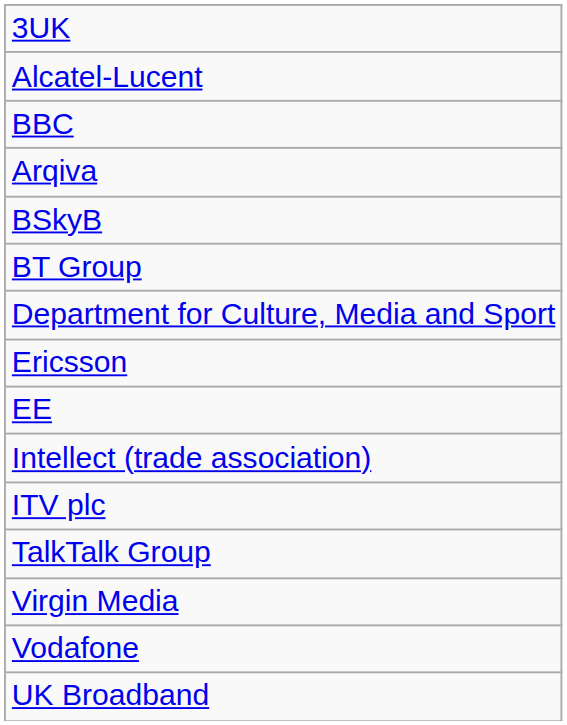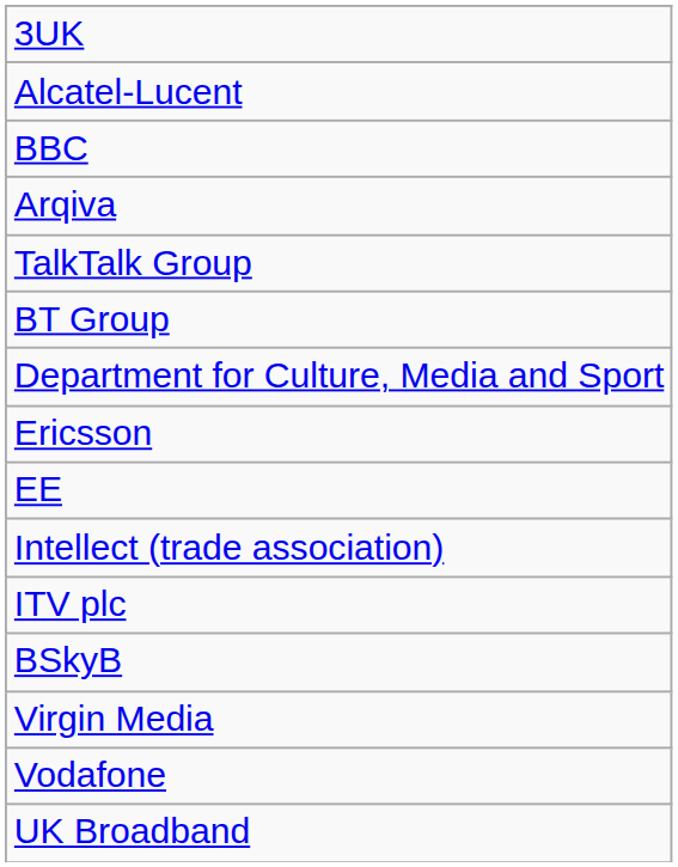 <table class="wikitable" border="1">
 <tr>
 <td><a href='#'>3UK</a></td>
 </tr>
 <tr>
 <td><a href='#'>Alcatel-Lucent</a></td>
 </tr>
 <tr>
 <td><a href='#'>BBC</a></td>
 </tr>
 <tr>
 <td><a href='#'>Arqiva</a></td>
 </tr>
 <tr>
-<td><a href='#'>BSkyB</a></td>
+<td><a href='#'>TalkTalk Group</a></td>
 </tr>
 <tr>
 <td><a href='#'>BT Group</a></td>
 </tr>
 <tr>
 <td><a href='#'>Department for Culture, Media and Sport</a></td>
 </tr>
 <tr>
 <td><a href='#'>Ericsson</a></td>
 </tr>
 <tr>
 <td><a href='#'>EE</a></td>
 </tr>
 <tr>
 <td><a href='#'>Intellect (trade association)</a></td>
 </tr>
 <tr>
 <td><a href='#'>ITV plc</a></td>
 </tr>
 <tr>
-<td><a href='#'>TalkTalk Group</a></td>
+<td><a href='#'>BSkyB</a></td>
 </tr>
 <tr>
 <td><a href='#'>Virgin Media</a></td>
 </tr>
 <tr>
 <td><a href='#'>Vodafone</a></td>
 </tr>
 <tr>
 <td><a href='#'>UK Broadband</a></td>
 </tr>
 </table>
